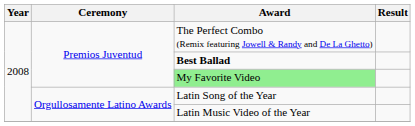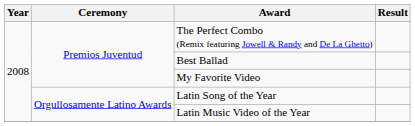 <table class="wikitable">
 <tr>
 <th>Year</th>
 <th>Ceremony</th>
 <th>Award</th>
 <th>Result</th>
 </tr>
 <tr>
 <td rowspan="5" align="center">2008</td>
 <td rowspan="3" align="center"><a href='#'>Premios Juventud</a></td>
 <td align="left">The Perfect Combo <br><small>(Remix featuring <a href='#'>Jowell & Randy</a> and <a href='#'>De La Ghetto</a>)</small></td>
 <td></td>
 </tr>
 <tr>
-<td align="left"><strong>Best Ballad</strong></td>
+<td align="left">Best Ballad</td>
 <td></td>
 </tr>
 <tr>
-<td align="left" style="background: lightgreen;">My Favorite Video</td>
+<td align="left">My Favorite Video</td>
 <td></td>
 </tr>
 <tr>
 <td rowspan="2" align="center"><a href='#'>Orgullosamente Latino Awards</a></td>
 <td align="left">Latin Song of the Year</td>
 <td></td>
 </tr>
 <tr>
 <td align="left">Latin Music Video of the Year</td>
 <td></td>
 </tr>
 <tr>
 </tr>
 </table>
